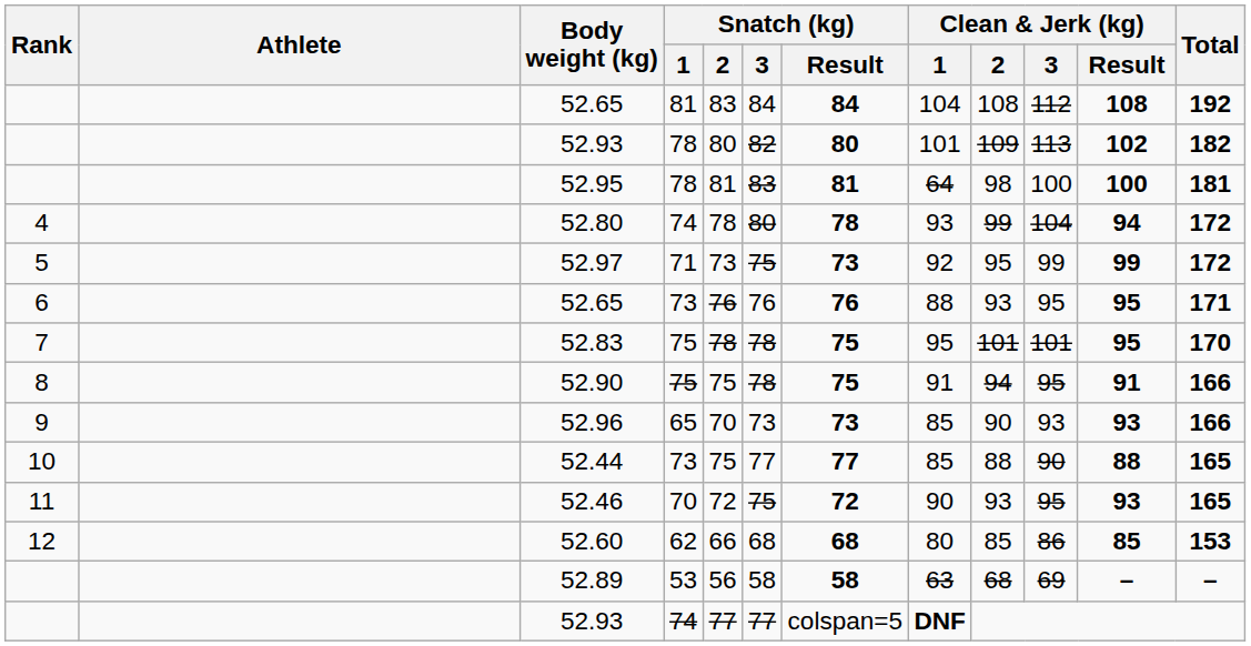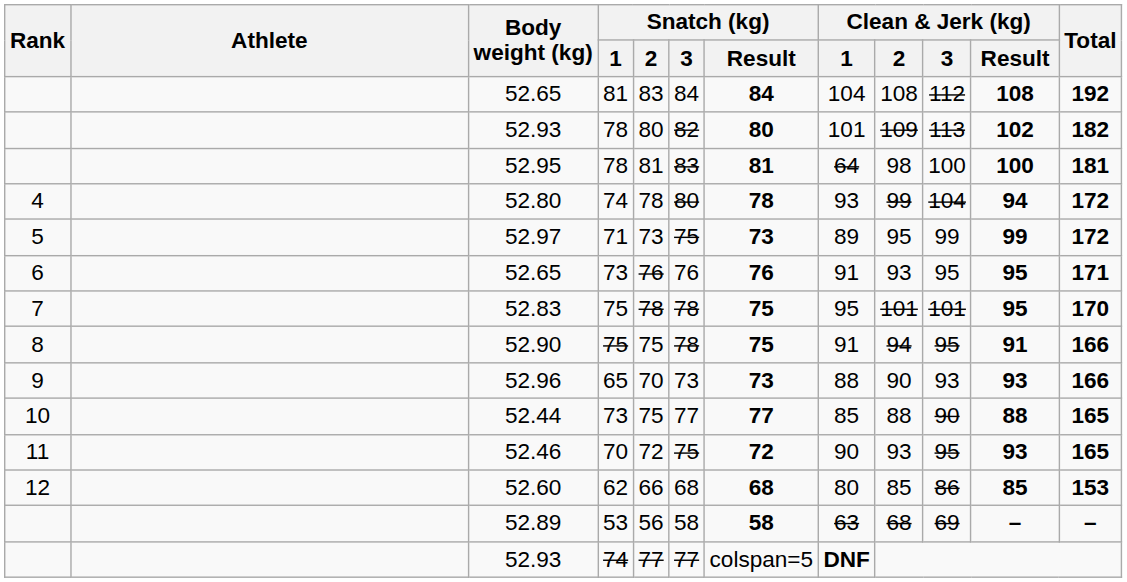 <table class = "wikitable sortable" style="text-align:center;">
 <tr>
 <th rowspan=2>Rank</th>
 <th rowspan=2 width=275>Athlete</th>
 <th rowspan=2>Body<br>weight (kg)</th>
 <th colspan=4>Snatch (kg)</th>
 <th colspan=4>Clean & Jerk (kg)</th>
 <th rowspan=2>Total</th>
 </tr>
 <tr>
 <th class="unsortable">1</th>
 <th class="unsortable">2</th>
 <th class="unsortable">3</th>
 <th width=55>Result</th>
 <th class="unsortable">1</th>
 <th class="unsortable">2</th>
 <th class="unsortable">3</th>
 <th width=55>Result</th>
 </tr>
 <tr>
 <td></td>
 <td align=left></td>
 <td>52.65</td>
 <td>81</td>
 <td>83</td>
 <td>84</td>
 <td><strong>84</strong></td>
 <td>104</td>
 <td>108</td>
 <td><s>112</s></td>
 <td><strong>108</strong></td>
 <td><strong>192</strong></td>
 </tr>
 <tr>
 <td></td>
 <td align=left></td>
 <td>52.93</td>
 <td>78</td>
 <td>80</td>
 <td><s>82</s></td>
 <td><strong>80</strong></td>
 <td>101</td>
 <td><s>109</s></td>
 <td><s>113</s></td>
 <td><strong>102</strong></td>
 <td><strong>182</strong></td>
 </tr>
 <tr>
 <td></td>
 <td align=left></td>
 <td>52.95</td>
 <td>78</td>
 <td>81</td>
 <td><s>83</s></td>
 <td><strong>81</strong></td>
 <td><s>64</s></td>
 <td>98</td>
 <td>100</td>
 <td><strong>100</strong></td>
 <td><strong>181</strong></td>
 </tr>
 <tr>
 <td>4</td>
 <td align=left></td>
 <td>52.80</td>
 <td>74</td>
 <td>78</td>
 <td><s>80</s></td>
 <td><strong>78</strong></td>
 <td>93</td>
 <td><s>99</s></td>
 <td><s>104</s></td>
 <td><strong>94</strong></td>
 <td><strong>172</strong></td>
 </tr>
 <tr>
 <td>5</td>
 <td align=left></td>
 <td>52.97</td>
 <td>71</td>
 <td>73</td>
 <td><s>75</s></td>
 <td><strong>73</strong></td>
-<td>92</td>
+<td>89</td>
 <td>95</td>
 <td>99</td>
 <td><strong>99</strong></td>
 <td><strong>172</strong></td>
 </tr>
 <tr>
 <td>6</td>
 <td align=left></td>
 <td>52.65</td>
 <td>73</td>
 <td><s>76</s></td>
 <td>76</td>
 <td><strong>76</strong></td>
-<td>88</td>
+<td>91</td>
 <td>93</td>
 <td>95</td>
 <td><strong>95</strong></td>
 <td><strong>171</strong></td>
 </tr>
 <tr>
 <td>7</td>
 <td align=left></td>
 <td>52.83</td>
 <td>75</td>
 <td><s>78</s></td>
 <td><s>78</s></td>
 <td><strong>75</strong></td>
 <td>95</td>
 <td><s>101</s></td>
 <td><s>101</s></td>
 <td><strong>95</strong></td>
 <td><strong>170</strong></td>
 </tr>
 <tr>
 <td>8</td>
 <td align=left></td>
 <td>52.90</td>
 <td><s>75</s></td>
 <td>75</td>
 <td><s>78</s></td>
 <td><strong>75</strong></td>
 <td>91</td>
 <td><s>94</s></td>
 <td><s>95</s></td>
 <td><strong>91</strong></td>
 <td><strong>166</strong></td>
 </tr>
 <tr>
 <td>9</td>
 <td align=left></td>
 <td>52.96</td>
 <td>65</td>
 <td>70</td>
 <td>73</td>
 <td><strong>73</strong></td>
-<td>85</td>
+<td>88</td>
 <td>90</td>
 <td>93</td>
 <td><strong>93</strong></td>
 <td><strong>166</strong></td>
 </tr>
 <tr>
 <td>10</td>
 <td align=left></td>
 <td>52.44</td>
 <td>73</td>
 <td>75</td>
 <td>77</td>
 <td><strong>77</strong></td>
 <td>85</td>
 <td>88</td>
 <td><s>90</s></td>
 <td><strong>88</strong></td>
 <td><strong>165</strong></td>
 </tr>
 <tr>
 <td>11</td>
 <td align=left></td>
 <td>52.46</td>
 <td>70</td>
 <td>72</td>
 <td><s>75</s></td>
 <td><strong>72</strong></td>
 <td>90</td>
 <td>93</td>
 <td><s>95</s></td>
 <td><strong>93</strong></td>
 <td><strong>165</strong></td>
 </tr>
 <tr>
 <td>12</td>
 <td align=left></td>
 <td>52.60</td>
 <td>62</td>
 <td>66</td>
 <td>68</td>
 <td><strong>68</strong></td>
 <td>80</td>
 <td>85</td>
 <td><s>86</s></td>
 <td><strong>85</strong></td>
 <td><strong>153</strong></td>
 </tr>
 <tr>
 <td></td>
 <td align=left></td>
 <td>52.89</td>
 <td>53</td>
 <td>56</td>
 <td>58</td>
 <td><strong>58</strong></td>
 <td><s>63</s></td>
 <td><s>68</s></td>
 <td><s>69</s></td>
 <td><strong>–</strong></td>
 <td><strong>–</strong></td>
 </tr>
 <tr>
 <td></td>
 <td align=left></td>
 <td>52.93</td>
 <td><s>74</s></td>
 <td><s>77</s></td>
 <td><s>77</s></td>
 <td>colspan=5 </td>
 <td><strong>DNF</strong></td>
 </tr>
 </table>
